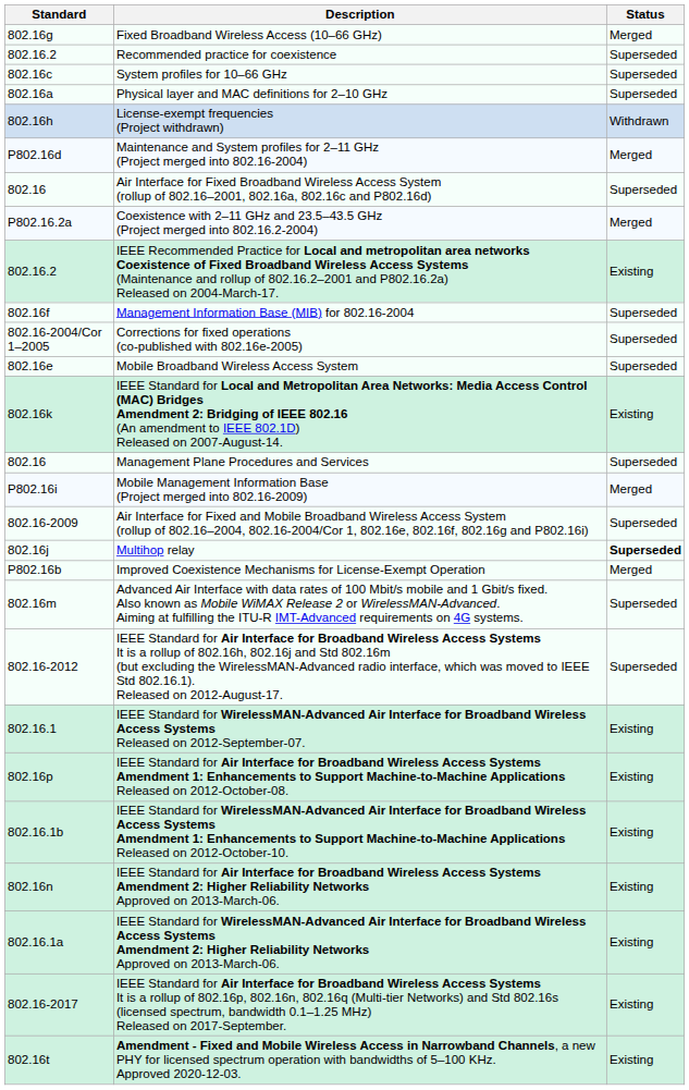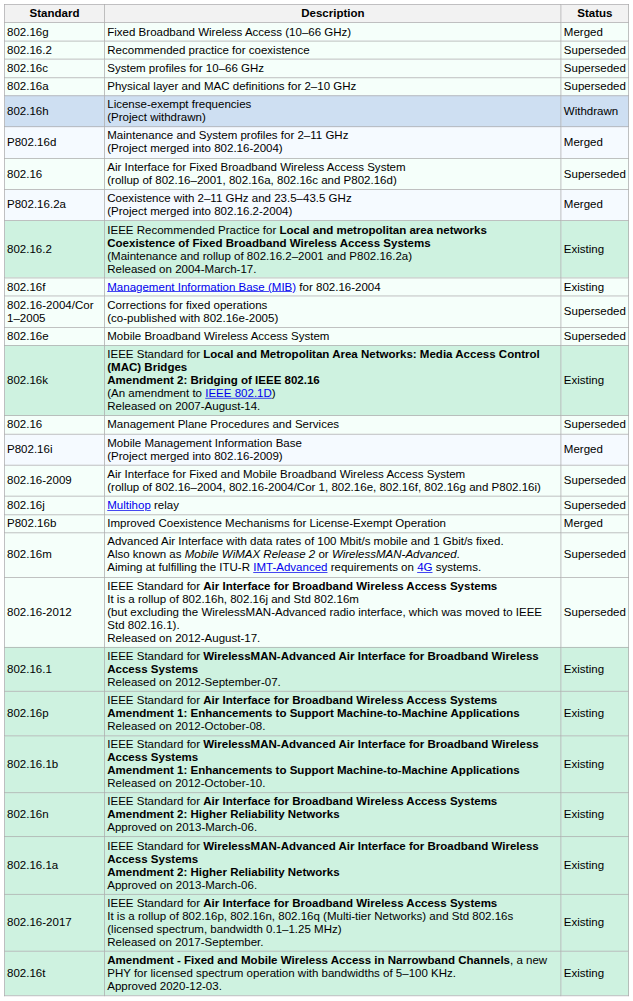 <table class="wikitable" style="background:#faf5ff">
 <tr>
 <th>Standard</th>
 <th>Description</th>
 <th>Status</th>
 </tr>
 <tr style="background:#f5fffa">
 <td>802.16g</td>
 <td>Fixed Broadband Wireless Access (10–66 GHz)</td>
 <td>Merged</td>
 </tr>
 <tr style="background:#f5fffa">
 <td>802.16.2</td>
 <td>Recommended practice for coexistence</td>
 <td>Superseded</td>
 </tr>
 <tr style="background:#f5fffa">
 <td>802.16c</td>
 <td>System profiles for 10–66 GHz</td>
 <td>Superseded</td>
 </tr>
 <tr style="background:#f5fffa">
 <td>802.16a</td>
 <td>Physical layer and MAC definitions for 2–10 GHz</td>
 <td>Superseded</td>
 </tr>
 <tr style="background:#cedff2">
 <td>802.16h</td>
 <td>License-exempt frequencies<br>(Project withdrawn)</td>
 <td>Withdrawn</td>
 </tr>
 <tr style="background:#f5faff">
 <td>P802.16d</td>
 <td>Maintenance and System profiles for 2–11 GHz<br>(Project merged into 802.16-2004)</td>
 <td>Merged</td>
 </tr>
 <tr style="background:#f5fffa">
 <td>802.16</td>
 <td>Air Interface for Fixed Broadband Wireless Access System<br>(rollup of 802.16–2001, 802.16a, 802.16c and P802.16d)</td>
 <td>Superseded</td>
 </tr>
 <tr style="background:#f5faff">
 <td>P802.16.2a</td>
 <td>Coexistence with 2–11 GHz and 23.5–43.5 GHz<br>(Project merged into 802.16.2-2004)</td>
 <td>Merged</td>
 </tr>
 <tr style="background:#cef2e0">
 <td>802.16.2</td>
 <td>IEEE Recommended Practice for <strong>Local and metropolitan area networks</strong><br><strong>Coexistence of Fixed Broadband Wireless Access Systems</strong><br>(Maintenance and rollup of 802.16.2–2001 and P802.16.2a)<br>Released on 2004-March-17.</td>
 <td>Existing</td>
 </tr>
 <tr style="background:#f5fffa">
 <td>802.16f</td>
 <td><a href='#'>Management Information Base (MIB)</a> for 802.16-2004</td>
-<td>Superseded</td>
+<td>Existing</td>
 </tr>
 <tr style="background:#f5fffa">
 <td>802.16-2004/Cor 1–2005</td>
 <td>Corrections for fixed operations<br>(co-published with 802.16e-2005)</td>
 <td>Superseded</td>
 </tr>
 <tr style="background:#f5fffa">
 <td>802.16e</td>
 <td>Mobile Broadband Wireless Access System</td>
 <td>Superseded</td>
 </tr>
 <tr style="background:#cef2e0">
 <td>802.16k</td>
 <td>IEEE Standard for <strong>Local and Metropolitan Area Networks: Media Access Control (MAC) Bridges</strong><br><strong>Amendment 2: Bridging of IEEE 802.16</strong><br>(An amendment to <a href='#'>IEEE 802.1D</a>)<br>Released on 2007-August-14.</td>
 <td>Existing</td>
 </tr>
 <tr style="background:#f5fffa">
 <td>802.16</td>
 <td>Management Plane Procedures and Services</td>
 <td>Superseded</td>
 </tr>
 <tr style="background:#f5faff">
 <td>P802.16i</td>
 <td>Mobile Management Information Base<br>(Project merged into 802.16-2009)</td>
 <td>Merged</td>
 </tr>
 <tr style="background:#f5fffa">
 <td>802.16-2009</td>
 <td>Air Interface for Fixed and Mobile Broadband Wireless Access System<br>(rollup of 802.16–2004, 802.16-2004/Cor 1, 802.16e, 802.16f, 802.16g and P802.16i)</td>
 <td>Superseded</td>
 </tr>
 <tr style="background:#f5fffa">
 <td>802.16j</td>
 <td><a href='#'>Multihop</a> relay</td>
-<td><strong>Superseded</strong></td>
+<td>Superseded</td>
 </tr>
 <tr style="background:#f5fffa">
 <td>P802.16b</td>
 <td>Improved Coexistence Mechanisms for License-Exempt Operation</td>
 <td>Merged</td>
 </tr>
 <tr style="background:#f5fffa">
 <td>802.16m</td>
 <td>Advanced Air Interface with data rates of 100 Mbit/s mobile and 1 Gbit/s fixed. <br> Also known as <em>Mobile WiMAX Release 2</em> or <em>WirelessMAN-Advanced</em>. <br> Aiming at fulfilling the ITU-R <a href='#'>IMT-Advanced</a> requirements on <a href='#'>4G</a> systems.</td>
 <td>Superseded</td>
 </tr>
 <tr style="background:#f5fffa">
 <td>802.16-2012</td>
 <td>IEEE Standard for <strong>Air Interface for Broadband Wireless Access Systems</strong><br>It is a rollup of 802.16h, 802.16j and Std 802.16m<br>(but excluding the WirelessMAN-Advanced radio interface, which was moved to IEEE Std 802.16.1).<br>Released on 2012-August-17.</td>
 <td>Superseded</td>
 </tr>
 <tr style="background:#cef2e0">
 <td>802.16.1</td>
 <td>IEEE Standard for <strong>WirelessMAN-Advanced Air Interface for Broadband Wireless Access Systems</strong><br>Released on 2012-September-07.</td>
 <td>Existing</td>
 </tr>
 <tr style="background:#cef2e0">
 <td>802.16p</td>
 <td>IEEE Standard for <strong>Air Interface for Broadband Wireless Access Systems</strong><br><strong>Amendment 1: Enhancements to Support Machine-to-Machine Applications</strong><br>Released on 2012-October-08.</td>
 <td>Existing</td>
 </tr>
 <tr style="background:#cef2e0">
 <td>802.16.1b</td>
 <td>IEEE Standard for <strong>WirelessMAN-Advanced Air Interface for Broadband Wireless Access Systems</strong><br><strong>Amendment 1: Enhancements to Support Machine-to-Machine Applications</strong><br>Released on 2012-October-10.</td>
 <td>Existing</td>
 </tr>
 <tr style="background:#cef2e0">
 <td>802.16n</td>
 <td>IEEE Standard for <strong>Air Interface for Broadband Wireless Access Systems</strong><br><strong>Amendment 2: Higher Reliability Networks</strong><br>Approved on 2013-March-06.</td>
 <td>Existing</td>
 </tr>
 <tr style="background:#cef2e0">
 <td>802.16.1a</td>
 <td>IEEE Standard for <strong>WirelessMAN-Advanced Air Interface for Broadband Wireless Access Systems</strong><br><strong>Amendment 2: Higher Reliability Networks</strong><br>Approved on 2013-March-06.</td>
 <td>Existing</td>
 </tr>
 <tr style="background:#cef2e0">
 <td>802.16-2017</td>
 <td>IEEE Standard for <strong>Air Interface for Broadband Wireless Access Systems</strong><br>It is a rollup of 802.16p, 802.16n, 802.16q (Multi-tier Networks) and Std 802.16s (licensed spectrum, bandwidth 0.1–1.25 MHz)<br>Released on 2017-September.</td>
 <td>Existing</td>
 </tr>
 <tr style="background:#cef2e0">
 <td>802.16t</td>
 <td><strong>Amendment - Fixed and Mobile Wireless Access in Narrowband Channels</strong>, a new PHY for licensed spectrum operation with bandwidths of 5–100 KHz.<br>Approved 2020-12-03.</td>
 <td>Existing</td>
 </tr>
 </table>
